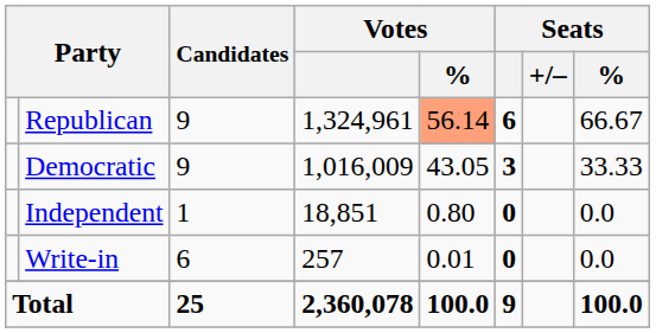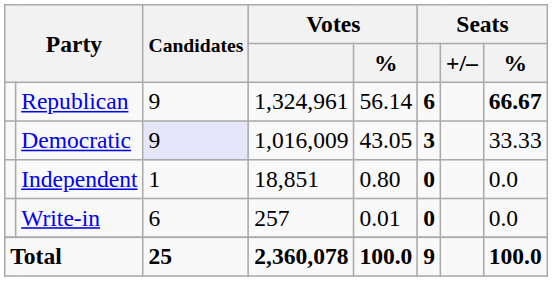 <table class="wikitable" style="font-size: 95%;">
 <tr>
 <th colspan="2" rowspan="2">Party</th>
 <th rowspan="2"><small>Candi</small><small>dates</small></th>
 <th colspan="2">Votes</th>
 <th colspan="3">Seats</th>
 </tr>
 <tr>
 <th></th>
 <th>%</th>
 <th></th>
 <th>+/–</th>
 <th>%</th>
 </tr>
 <tr>
 <td style="background:"></td>
 <td align="left"><a href='#'>Republican</a></td>
 <td>9</td>
 <td>1,324,961</td>
-<td style="background: lightsalmon;">56.14</td>
+<td>56.14</td>
 <td><strong>6</strong></td>
 <td></td>
-<td>66.67</td>
+<td><strong>66.67</strong></td>
 </tr>
 <tr>
 <td style="background:"></td>
 <td align="left"><a href='#'>Democratic</a></td>
-<td>9</td>
+<td style="background: lavender;">9</td>
 <td>1,016,009</td>
 <td>43.05</td>
 <td><strong>3</strong></td>
 <td></td>
 <td>33.33</td>
 </tr>
 <tr>
 <td style="background:"></td>
 <td align="left"><a href='#'>Independent</a></td>
 <td>1</td>
 <td>18,851</td>
 <td>0.80</td>
 <td><strong>0</strong></td>
 <td></td>
 <td>0.0</td>
 </tr>
 <tr>
 <td style="background:"></td>
 <td align="left"><a href='#'>Write-in</a></td>
 <td>6</td>
 <td>257</td>
 <td>0.01</td>
 <td><strong>0</strong></td>
 <td></td>
 <td>0.0</td>
 </tr>
 <tr>
 </tr>
 <tr style="font-weight:bold">
 <td colspan="2" align="left">Total</td>
 <td>25</td>
 <td>2,360,078</td>
 <td>100.0</td>
 <td>9</td>
 <td></td>
 <td>100.0</td>
 </tr>
 </table>
